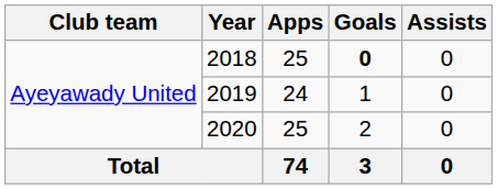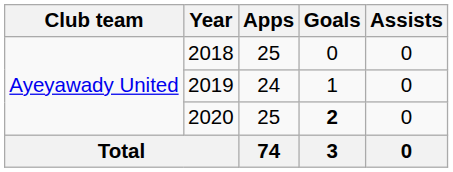 <table class=wikitable style="text-align: center;">
 <tr>
 <th>Club team</th>
 <th>Year</th>
 <th>Apps</th>
 <th>Goals</th>
 <th>Assists</th>
 </tr>
 <tr>
 <td rowspan=3><a href='#'>Ayeyawady United</a></td>
 <td>2018</td>
 <td>25</td>
-<td><strong>0</strong></td>
+<td>0</td>
 <td>0</td>
 </tr>
 <tr>
 <td>2019</td>
 <td>24</td>
 <td>1</td>
 <td>0</td>
 </tr>
 <tr>
 <td>2020</td>
 <td>25</td>
-<td>2</td>
+<td><strong>2</strong></td>
 <td>0</td>
 </tr>
 <tr>
 <th colspan=2>Total</th>
 <th>74</th>
 <th>3</th>
 <th>0</th>
 </tr>
 </table>
